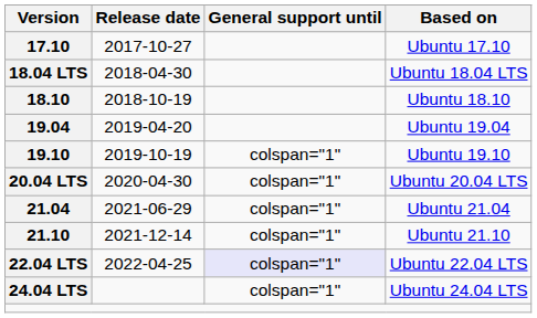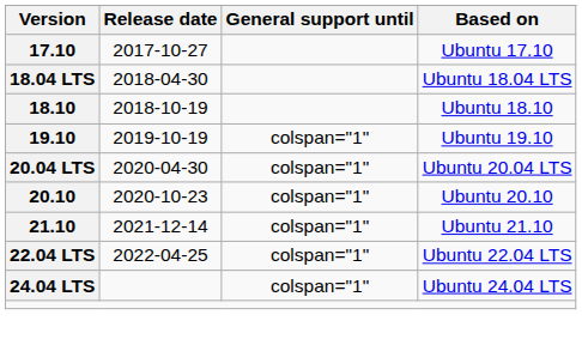 <table class="wikitable sortable plainrowheaders" style="text-align:center">
 <tr>
 </tr>
 <tr>
 <th scope="col">Version</th>
 <th scope="col">Release date</th>
 <th scope="col">General support until</th>
 <th scope="col">Based on</th>
 </tr>
 <tr>
 <th scope="row">17.10</th>
 <td>2017-10-27</td>
 <td></td>
 <td><a href='#'>Ubuntu 17.10</a></td>
 </tr>
 <tr>
 <th scope="row">18.04 LTS</th>
 <td>2018-04-30</td>
 <td></td>
 <td><a href='#'>Ubuntu 18.04 LTS</a></td>
 </tr>
 <tr>
 <th scope="row">18.10</th>
 <td>2018-10-19</td>
 <td></td>
 <td><a href='#'>Ubuntu 18.10</a></td>
 </tr>
 <tr>
-<th scope="row">19.04</th>
-<td>2019-04-20</td>
-<td></td>
-<td><a href='#'>Ubuntu 19.04</a></td>
-</tr>
-<tr>
 <th scope="row">19.10</th>
 <td>2019-10-19</td>
 <td>colspan="1" </td>
 <td><a href='#'>Ubuntu 19.10</a></td>
 </tr>
 <tr>
 <th scope="row">20.04 LTS</th>
 <td>2020-04-30</td>
 <td>colspan="1" </td>
 <td><a href='#'>Ubuntu 20.04 LTS</a></td>
 </tr>
 <tr>
-<th scope="row">21.04</th>
-<td>2021-06-29</td>
+<th scope="row">20.10</th>
+<td>2020-10-23</td>
 <td>colspan="1" </td>
-<td><a href='#'>Ubuntu 21.04</a></td>
+<td><a href='#'>Ubuntu 20.10</a></td>
 </tr>
 <tr>
 <th scope="row">21.10</th>
 <td>2021-12-14</td>
 <td>colspan="1" </td>
 <td><a href='#'>Ubuntu 21.10</a></td>
 </tr>
 <tr>
 <th scope="row">22.04 LTS</th>
 <td>2022-04-25</td>
-<td style="background: lavender;">colspan="1" </td>
+<td>colspan="1" </td>
 <td><a href='#'>Ubuntu 22.04 LTS</a></td>
 </tr>
 <tr>
 <th scope="row">24.04 LTS</th>
 <td></td>
 <td>colspan="1" </td>
 <td><a href='#'>Ubuntu 24.04 LTS</a></td>
 </tr>
 <tr>
 <td colspan="4"><small></small></td>
 </tr>
 </table>
